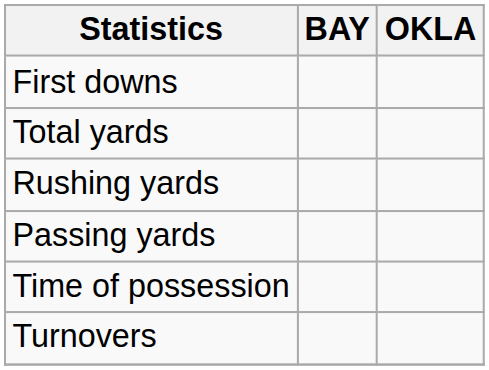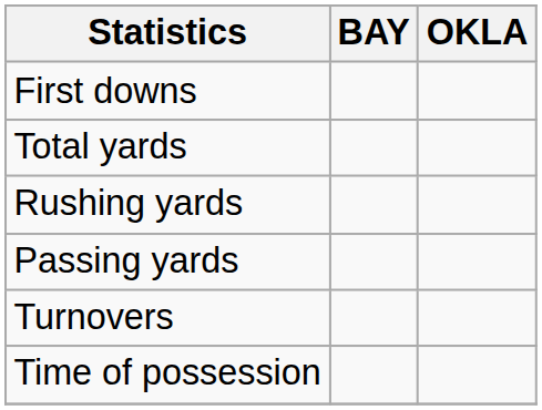 <table class="wikitable">
 <tr>
 <th>Statistics</th>
 <th>BAY</th>
 <th>OKLA</th>
 </tr>
 <tr>
 <td>First downs</td>
 <td></td>
 <td></td>
 </tr>
 <tr>
 <td>Total yards</td>
 <td></td>
 <td></td>
 </tr>
 <tr>
 <td>Rushing yards</td>
 <td></td>
 <td></td>
 </tr>
 <tr>
 <td>Passing yards</td>
 <td></td>
 <td></td>
 </tr>
 <tr>
-<td>Time of possession</td>
+<td>Turnovers</td>
 <td></td>
 <td></td>
 </tr>
 <tr>
-<td>Turnovers</td>
+<td>Time of possession</td>
 <td></td>
 <td></td>
 </tr>
 <tr>
 </tr>
 </table>
